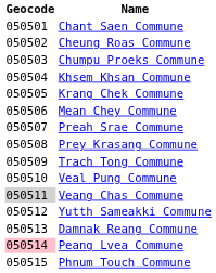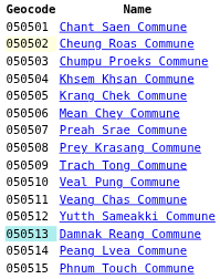 <table>
 <tr>
 <th>Geocode</th>
 <th>Name</th>
 <th></th>
 </tr>
 <tr>
 <td>050501</td>
 <td><a href='#'>Chant Saen Commune</a></td>
 <td></td>
 </tr>
 <tr>
-<td>050502</td>
+<td style="background: lightyellow;">050502</td>
 <td><a href='#'>Cheung Roas Commune</a></td>
 <td></td>
 </tr>
 <tr>
 <td>050503</td>
 <td><a href='#'>Chumpu Proeks Commune</a></td>
 <td></td>
 </tr>
 <tr>
 <td>050504</td>
 <td><a href='#'>Khsem Khsan Commune</a></td>
 <td></td>
 </tr>
 <tr>
 <td>050505</td>
 <td><a href='#'>Krang Chek Commune</a></td>
 <td></td>
 </tr>
 <tr>
 <td>050506</td>
 <td><a href='#'>Mean Chey Commune</a></td>
 <td></td>
 </tr>
 <tr>
 <td>050507</td>
 <td><a href='#'>Preah Srae Commune</a></td>
 <td></td>
 </tr>
 <tr>
 <td>050508</td>
 <td><a href='#'>Prey Krasang Commune</a></td>
 <td></td>
 </tr>
 <tr>
 <td>050509</td>
 <td><a href='#'>Trach Tong Commune</a></td>
 <td></td>
 </tr>
 <tr>
 <td>050510</td>
 <td><a href='#'>Veal Pung Commune</a></td>
 <td></td>
 </tr>
 <tr>
-<td style="background: lightgrey;">050511</td>
+<td>050511</td>
 <td><a href='#'>Veang Chas Commune</a></td>
 <td></td>
 </tr>
 <tr>
 <td>050512</td>
 <td><a href='#'>Yutth Sameakki Commune</a></td>
 <td></td>
 </tr>
 <tr>
-<td>050513</td>
+<td style="background: paleturquoise;">050513</td>
 <td><a href='#'>Damnak Reang Commune</a></td>
 <td></td>
 </tr>
 <tr>
-<td style="background: pink;">050514</td>
+<td>050514</td>
 <td><a href='#'>Peang Lvea Commune</a></td>
 <td></td>
 </tr>
 <tr>
 <td>050515</td>
 <td><a href='#'>Phnum Touch Commune</a></td>
 <td></td>
 </tr>
 <tr>
 </tr>
 </table>
